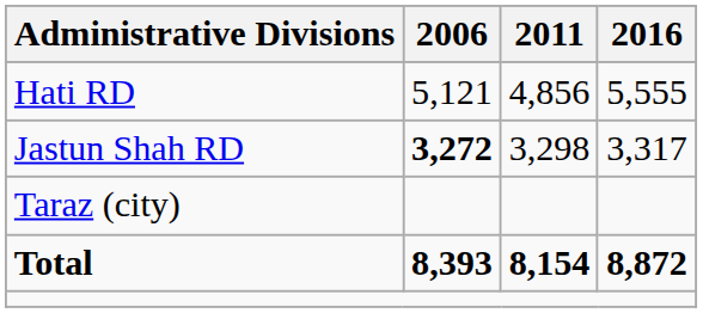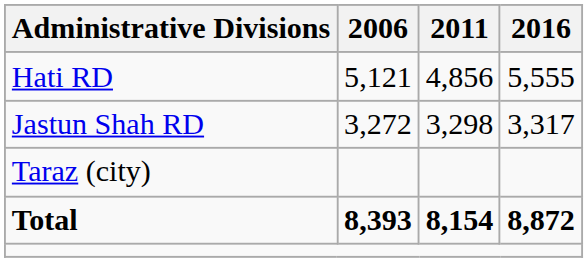 <table class="wikitable">
 <tr>
 <th>Administrative Divisions</th>
 <th>2006</th>
 <th>2011</th>
 <th>2016</th>
 </tr>
 <tr>
 <td><a href='#'>Hati RD</a></td>
 <td style="text-align: right;">5,121</td>
 <td style="text-align: right;">4,856</td>
 <td style="text-align: right;">5,555</td>
 </tr>
 <tr>
 <td><a href='#'>Jastun Shah RD</a></td>
-<td style="text-align: right;"><strong>3,272</strong></td>
+<td style="text-align: right;">3,272</td>
 <td style="text-align: right;">3,298</td>
 <td style="text-align: right;">3,317</td>
 </tr>
 <tr>
 <td><a href='#'>Taraz</a> (city)</td>
 <td style="text-align: right;"></td>
 <td style="text-align: right;"></td>
 <td style="text-align: right;"></td>
 </tr>
 <tr>
 <td><strong>Total</strong></td>
 <td style="text-align: right;"><strong>8,393</strong></td>
 <td style="text-align: right;"><strong>8,154</strong></td>
 <td style="text-align: right;"><strong>8,872</strong></td>
 </tr>
 <tr>
 <td colspan=4></td>
 </tr>
 </table>
